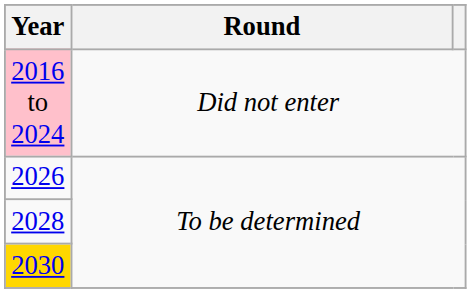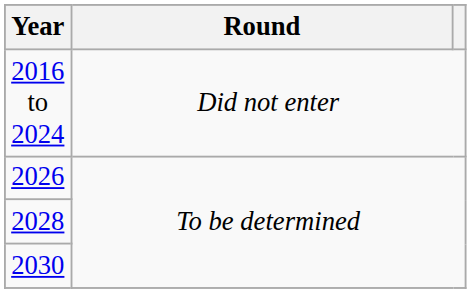 <table class="wikitable" style="text-align: center; font-size:90%">
 <tr>
 <th>Year</th>
 <th style="width:200px">Round</th>
 <th></th>
 </tr>
 <tr>
-<td style="background: pink;"><a href='#'>2016</a><br>to<br><a href='#'>2024</a></td>
+<td><a href='#'>2016</a><br>to<br><a href='#'>2024</a></td>
 <td colspan="2"><em>Did not enter</em></td>
 </tr>
 <tr>
 <td><a href='#'>2026</a></td>
 <td colspan="2" rowspan="3"><em>To be determined</em></td>
 </tr>
 <tr>
 <td><a href='#'>2028</a></td>
 </tr>
 <tr>
-<td style="background: gold;"><a href='#'>2030</a></td>
+<td><a href='#'>2030</a></td>
 </tr>
 </table>
